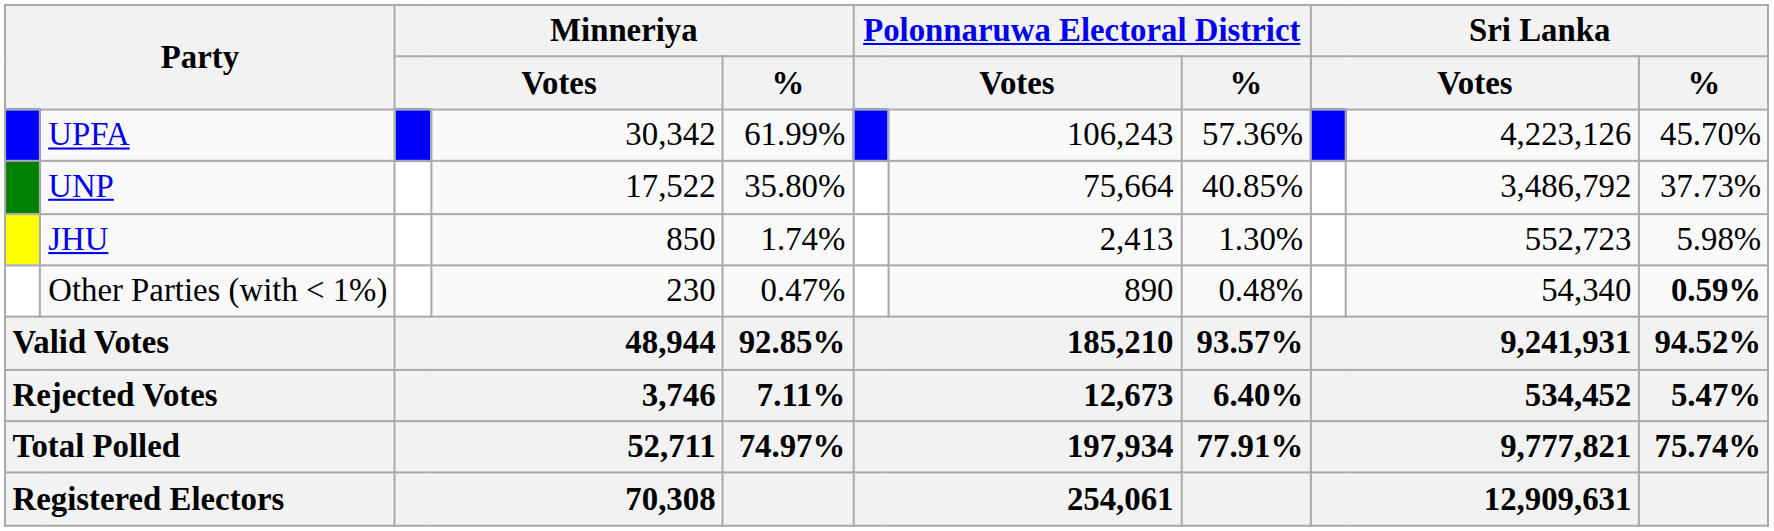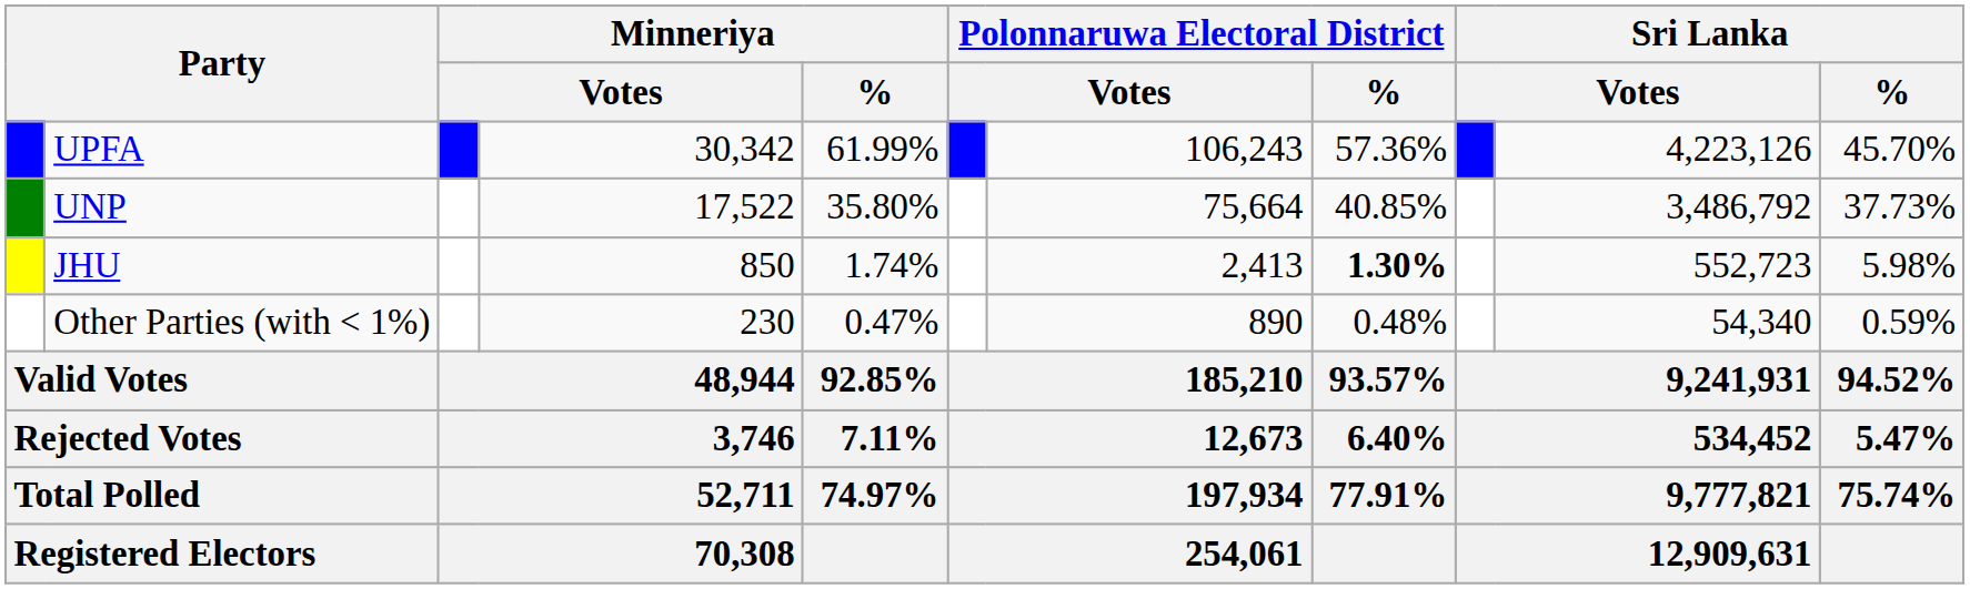 <table class="wikitable">
 <tr>
 <th colspan="2" width="144px"rowspan="2">Party</th>
 <th colspan="3" width="216px">Minneriya</th>
 <th colspan="3" width="216px"><a href='#'>Polonnaruwa Electoral District</a></th>
 <th colspan="3" width="216px">Sri Lanka</th>
 </tr>
 <tr>
 <th colspan="2" width="144px">Votes</th>
 <th>%</th>
 <th colspan="2" width="144px">Votes</th>
 <th>%</th>
 <th colspan="2" width="144px">Votes</th>
 <th>%</th>
 </tr>
 <tr>
 <td style="background-color:blue;" width="10px"></td>
 <td style="text-align:left;"><a href='#'>UPFA</a></td>
 <td style="background-color:blue;" width="10px"></td>
 <td style="text-align:right;">30,342</td>
 <td style="text-align:right;">61.99%</td>
 <td style="background-color:blue;" width="10px"></td>
 <td style="text-align:right;">106,243</td>
 <td style="text-align:right;">57.36%</td>
 <td style="background-color:blue;" width="10px"></td>
 <td style="text-align:right;">4,223,126</td>
 <td style="text-align:right;">45.70%</td>
 </tr>
 <tr>
 <td style="background-color:green;" width="10px"></td>
 <td style="text-align:left;"><a href='#'>UNP</a></td>
 <td style="background-color:white;" width="10px"></td>
 <td style="text-align:right;">17,522</td>
 <td style="text-align:right;">35.80%</td>
 <td style="background-color:white;" width="10px"></td>
 <td style="text-align:right;">75,664</td>
 <td style="text-align:right;">40.85%</td>
 <td style="background-color:white;" width="10px"></td>
 <td style="text-align:right;">3,486,792</td>
 <td style="text-align:right;">37.73%</td>
 </tr>
 <tr>
 <td style="background-color:yellow;" width="10px"></td>
 <td style="text-align:left;"><a href='#'>JHU</a></td>
 <td style="background-color:white;" width="10px"></td>
 <td style="text-align:right;">850</td>
 <td style="text-align:right;">1.74%</td>
 <td style="background-color:white;" width="10px"></td>
 <td style="text-align:right;">2,413</td>
-<td style="text-align:right;">1.30%</td>
+<td style="text-align:right;"><strong>1.30%</strong></td>
 <td style="background-color:white;" width="10px"></td>
 <td style="text-align:right;">552,723</td>
 <td style="text-align:right;">5.98%</td>
 </tr>
 <tr>
 <td style="background-color:white;" width="10px"></td>
 <td style="text-align:left;">Other Parties (with < 1%)</td>
 <td style="background-color:white;" width="10px"></td>
 <td style="text-align:right;">230</td>
 <td style="text-align:right;">0.47%</td>
 <td style="background-color:white;" width="10px"></td>
 <td style="text-align:right;">890</td>
 <td style="text-align:right;">0.48%</td>
 <td style="background-color:white;" width="10px"></td>
 <td style="text-align:right;">54,340</td>
-<td style="text-align:right;"><strong>0.59%</strong></td>
+<td style="text-align:right;">0.59%</td>
 </tr>
 <tr>
 <th colspan="2" width="144px"style="text-align:left;">Valid Votes</th>
 <th style="text-align:right;"colspan="2" width="144px">48,944</th>
 <th style="text-align:right;">92.85%</th>
 <th style="text-align:right;"colspan="2" width="144px">185,210</th>
 <th style="text-align:right;">93.57%</th>
 <th style="text-align:right;"colspan="2" width="144px">9,241,931</th>
 <th style="text-align:right;">94.52%</th>
 </tr>
 <tr>
 <th colspan="2" width="144px"style="text-align:left;">Rejected Votes</th>
 <th style="text-align:right;"colspan="2" width="144px">3,746</th>
 <th style="text-align:right;">7.11%</th>
 <th style="text-align:right;"colspan="2" width="144px">12,673</th>
 <th style="text-align:right;">6.40%</th>
 <th style="text-align:right;"colspan="2" width="144px">534,452</th>
 <th style="text-align:right;">5.47%</th>
 </tr>
 <tr>
 <th colspan="2" width="144px"style="text-align:left;">Total Polled</th>
 <th style="text-align:right;"colspan="2" width="144px">52,711</th>
 <th style="text-align:right;">74.97%</th>
 <th style="text-align:right;"colspan="2" width="144px">197,934</th>
 <th style="text-align:right;">77.91%</th>
 <th style="text-align:right;"colspan="2" width="144px">9,777,821</th>
 <th style="text-align:right;">75.74%</th>
 </tr>
 <tr>
 <th colspan="2" width="144px"style="text-align:left;">Registered Electors</th>
 <th style="text-align:right;"colspan="2" width="144px">70,308</th>
 <th></th>
 <th style="text-align:right;"colspan="2" width="144px">254,061</th>
 <th></th>
 <th style="text-align:right;"colspan="2" width="144px">12,909,631</th>
 <th></th>
 </tr>
 </table>
